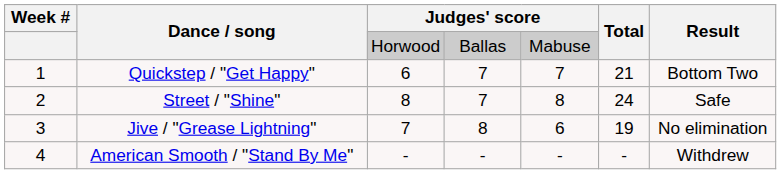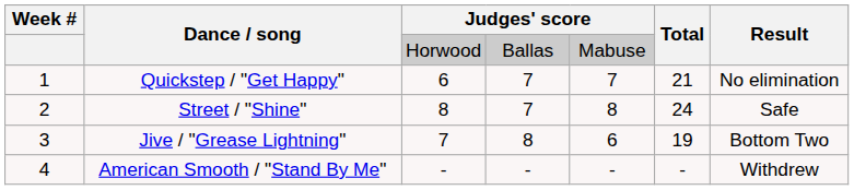 <table class="wikitable collapsible collapsed">
 <tr style="text-align:Center; background:#ccc;">
 <th>Week #</th>
 <th rowspan="2">Dance / song</th>
 <th colspan="3">Judges' score</th>
 <th rowspan="2">Total</th>
 <th rowspan="2">Result</th>
 </tr>
 <tr style="text-align:center; background:#ccc;">
 <th></th>
 <td style="width:10%; ">Horwood</td>
 <td style="width:10%; ">Ballas</td>
 <td style="width:10%; ">Mabuse</td>
 </tr>
 <tr style="text-align: center; background:#faf6f6;">
 <td>1</td>
 <td><a href='#'>Quickstep</a> / "<a href='#'>Get Happy</a>"</td>
 <td>6</td>
 <td>7</td>
 <td>7</td>
 <td>21</td>
-<td>Bottom Two</td>
+<td>No elimination</td>
 </tr>
 <tr style="text-align: center; background:#faf6f6;">
 <td>2</td>
 <td><a href='#'>Street</a> / "<a href='#'>Shine</a>"</td>
 <td>8</td>
 <td>7</td>
 <td>8</td>
 <td>24</td>
 <td>Safe</td>
 </tr>
 <tr style="text-align: center; background:#faf6f6;">
 <td>3</td>
 <td><a href='#'>Jive</a> / "<a href='#'>Grease Lightning</a>"</td>
 <td>7</td>
 <td>8</td>
 <td>6</td>
 <td>19</td>
-<td>No elimination</td>
+<td>Bottom Two</td>
 </tr>
 <tr style="text-align: center; background:#faf6f6;">
 <td>4</td>
 <td><a href='#'>American Smooth</a> / "<a href='#'>Stand By Me</a>"</td>
 <td>-</td>
 <td>-</td>
 <td>-</td>
 <td>-</td>
 <td>Withdrew</td>
 </tr>
 </table>
